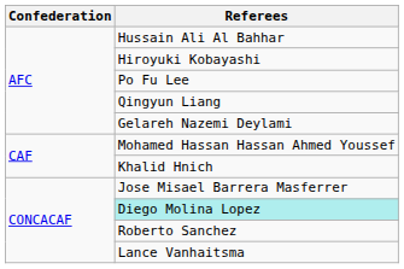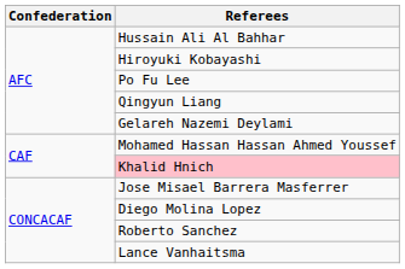 <table class="wikitable">
 <tr>
 <th>Confederation</th>
 <th>Referees</th>
 </tr>
 <tr>
 <td rowspan="5"><a href='#'>AFC</a></td>
 <td> Hussain Ali Al Bahhar</td>
 </tr>
 <tr>
 <td> Hiroyuki Kobayashi</td>
 </tr>
 <tr>
 <td> Po Fu Lee</td>
 </tr>
 <tr>
 <td> Qingyun Liang</td>
 </tr>
 <tr>
 <td> Gelareh Nazemi Deylami</td>
 </tr>
 <tr>
 <td rowspan="2"><a href='#'>CAF</a></td>
 <td> Mohamed Hassan Hassan Ahmed Youssef</td>
 </tr>
 <tr>
-<td> Khalid Hnich</td>
+<td style="background: pink;"> Khalid Hnich</td>
 </tr>
 <tr>
 <td rowspan="4"><a href='#'>CONCACAF</a></td>
 <td> Jose Misael Barrera Masferrer</td>
 </tr>
 <tr>
-<td style="background: paleturquoise;"> Diego Molina Lopez</td>
+<td> Diego Molina Lopez</td>
 </tr>
 <tr>
 <td> Roberto Sanchez</td>
 </tr>
 <tr>
 <td> Lance Vanhaitsma</td>
 </tr>
 </table>
